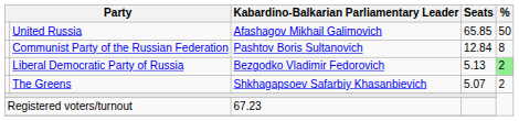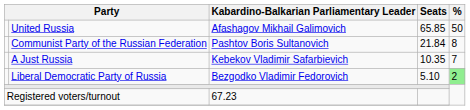 <table class="wikitable">
 <tr>
 <th colspan=2>Party</th>
 <th>Kabardino-Balkarian Parliamentary Leader</th>
 <th>Seats</th>
 <th>%</th>
 </tr>
 <tr>
 <td style="background:"></td>
 <td><a href='#'>United Russia</a></td>
 <td><a href='#'>Afashagov Mikhail Galimovich</a></td>
 <td>65.85</td>
 <td>50</td>
 </tr>
 <tr>
 <td style="background:"></td>
 <td><a href='#'>Communist Party of the Russian Federation</a></td>
 <td><a href='#'>Pashtov Boris Sultanovich</a></td>
-<td>12.84</td>
+<td>21.84</td>
 <td>8</td>
+</tr>
+<tr>
+<td style="background:"></td>
+<td><a href='#'>A Just Russia</a></td>
+<td><a href='#'>Kebekov Vladimir Safarbievich</a></td>
+<td>10.35</td>
+<td>7</td>
 </tr>
 <tr>
 <td style="background:"></td>
 <td><a href='#'>Liberal Democratic Party of Russia</a></td>
 <td><a href='#'>Bezgodko Vladimir Fedorovich</a></td>
-<td>5.13</td>
+<td>5.10</td>
 <td style="background: lightgreen;">2</td>
-</tr>
-<tr>
-<td style="background:"></td>
-<td><a href='#'>The Greens</a></td>
-<td><a href='#'>Shkhagapsoev Safarbiy Khasanbievich</a></td>
-<td>5.07</td>
-<td>2</td>
 </tr>
 <tr>
 <td colspan=4 style="background:#E9E9E9;"></td>
 </tr>
 <tr>
 <td align=left colspan=2>Registered voters/turnout</td>
 <td>67.23</td>
 <td></td>
 </tr>
 <tr>
 </tr>
 </table>
